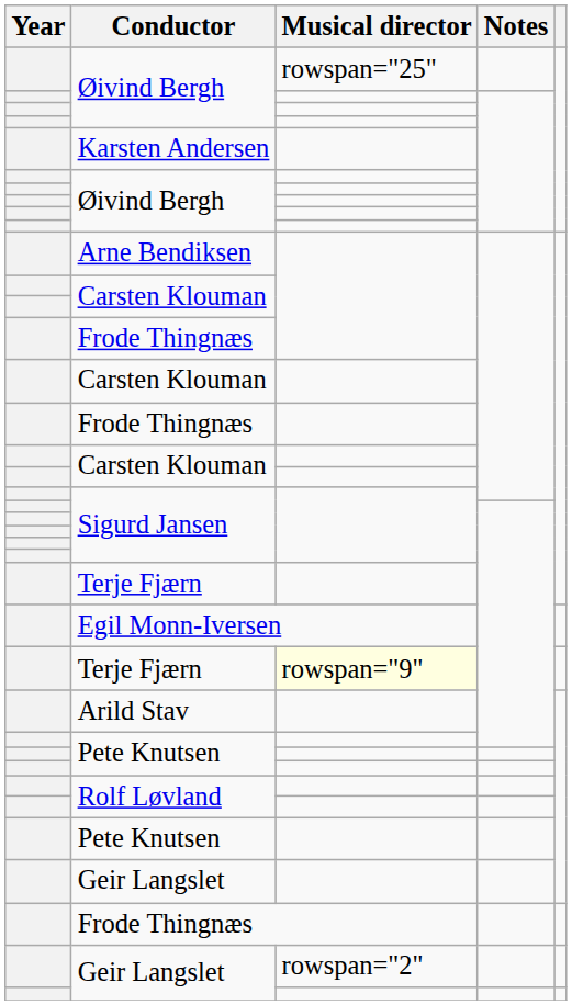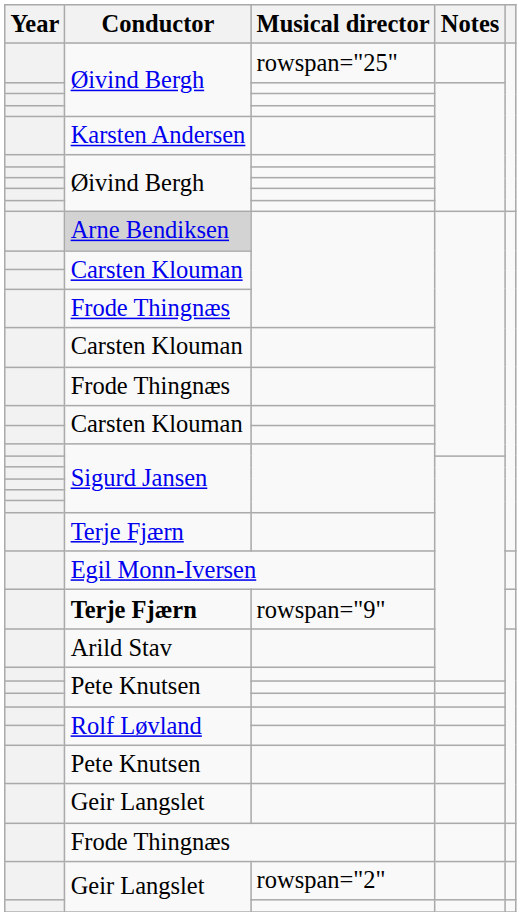 <table class="wikitable plainrowheaders">
 <tr>
 <th>Year</th>
 <th>Conductor</th>
 <th>Musical director</th>
 <th>Notes</th>
 <th></th>
 </tr>
 <tr>
 <th scope="row"></th>
 <td rowspan="4"><a href='#'>Øivind Bergh</a></td>
 <td>rowspan="25" </td>
 <td></td>
 <td rowspan="10"></td>
 </tr>
 <tr>
 <th scope="row"></th>
 <td></td>
 </tr>
 <tr>
 <th scope="row"></th>
 <td></td>
 </tr>
 <tr>
 <th scope="row"></th>
 <td></td>
 </tr>
 <tr>
 <th scope="row"></th>
 <td><a href='#'>Karsten Andersen</a></td>
 <td></td>
 </tr>
 <tr>
 <th scope="row"></th>
 <td rowspan="5">Øivind Bergh</td>
 <td></td>
 </tr>
 <tr>
 <th scope="row"></th>
 <td></td>
 </tr>
 <tr>
 <th scope="row"></th>
 <td></td>
 </tr>
 <tr>
 <th scope="row"></th>
 <td></td>
 </tr>
 <tr>
 <th scope="row"></th>
 <td></td>
 </tr>
 <tr>
 <th scope="row"></th>
-<td><a href='#'>Arne Bendiksen</a></td>
+<td style="background: lightgrey;"><a href='#'>Arne Bendiksen</a></td>
 <td rowspan="4"></td>
 <td rowspan="9"></td>
 </tr>
 <tr>
 <th scope="row"></th>
 <td rowspan="2"><a href='#'>Carsten Klouman</a></td>
 </tr>
 <tr>
 <th scope="row"></th>
 </tr>
 <tr>
 <th scope="row"></th>
 <td><a href='#'>Frode Thingnæs</a></td>
 </tr>
 <tr>
 <th scope="row"></th>
 <td>Carsten Klouman</td>
 <td></td>
 </tr>
 <tr>
 <th scope="row"></th>
 <td>Frode Thingnæs</td>
 <td></td>
 </tr>
 <tr>
 <th scope="row"></th>
 <td rowspan="2">Carsten Klouman</td>
 <td></td>
 </tr>
 <tr>
 <th scope="row"></th>
 <td></td>
 </tr>
 <tr>
 <th scope="row"></th>
 <td rowspan="6"><a href='#'>Sigurd Jansen</a></td>
 <td rowspan="6"></td>
 </tr>
 <tr>
 <th scope="row"></th>
 <td rowspan="10"></td>
 </tr>
 <tr>
 <th scope="row"></th>
 </tr>
 <tr>
 <th scope="row"></th>
 </tr>
 <tr>
 <th scope="row"></th>
 </tr>
 <tr>
 <th scope="row"></th>
 </tr>
 <tr>
 <th scope="row"></th>
 <td><a href='#'>Terje Fjærn</a></td>
 <td></td>
 </tr>
 <tr>
 <th scope="row"></th>
 <td colspan="2"><a href='#'>Egil Monn-Iversen</a></td>
 <td></td>
 </tr>
 <tr>
 <th scope="row"></th>
-<td>Terje Fjærn</td>
-<td style="background: lightyellow;">rowspan="9" </td>
+<td><strong>Terje Fjærn</strong></td>
+<td>rowspan="9" </td>
 <td></td>
 </tr>
 <tr>
 <th scope="row"></th>
 <td>Arild Stav</td>
 <td></td>
 </tr>
 <tr>
 <th scope="row"></th>
 <td rowspan="3">Pete Knutsen</td>
 <td></td>
 </tr>
 <tr>
 <th scope="row"></th>
 <td></td>
 <td></td>
 </tr>
 <tr>
 <th scope="row"></th>
 <td></td>
 <td></td>
 </tr>
 <tr>
 <th scope="row"></th>
 <td rowspan="2"><a href='#'>Rolf Løvland</a></td>
 <td></td>
 <td></td>
 </tr>
 <tr>
 <th scope="row"></th>
 <td></td>
 <td></td>
 </tr>
 <tr>
 <th scope="row"></th>
 <td>Pete Knutsen</td>
 <td></td>
 <td></td>
 </tr>
 <tr>
 <th scope="row"></th>
 <td>Geir Langslet</td>
 <td></td>
 <td></td>
 </tr>
 <tr>
 <th scope="row"></th>
 <td colspan="2">Frode Thingnæs</td>
 <td></td>
 <td></td>
 </tr>
 <tr>
 <th scope="row"></th>
 <td rowspan="2">Geir Langslet</td>
 <td>rowspan="2" </td>
 <td></td>
 <td></td>
 </tr>
 <tr>
 <th scope="row"></th>
 <td></td>
 <td></td>
 </tr>
 </table>
